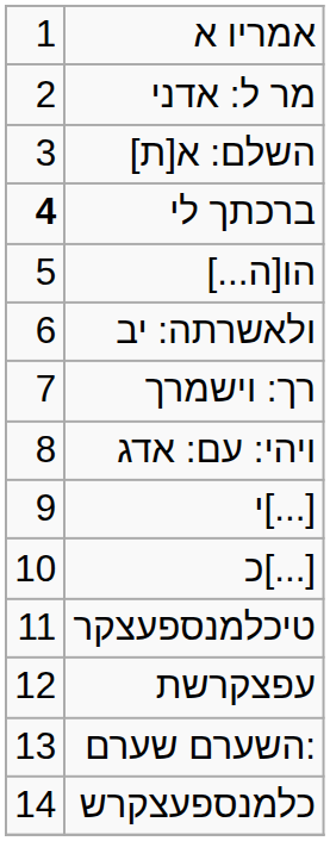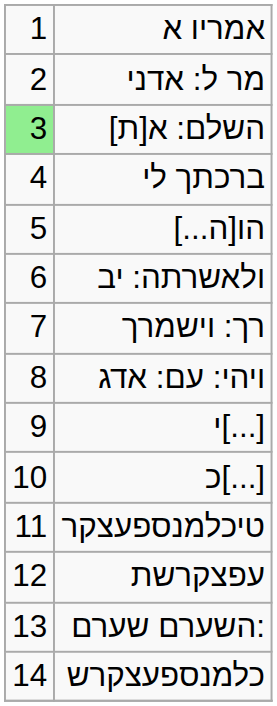 <table class="wikitable" style="text-align: right;">
 <tr>
 <td>1</td>
 <td>אמריו א</td>
 </tr>
 <tr>
 <td>2</td>
 <td>מר ל: אדני</td>
 </tr>
 <tr>
-<td>3</td>
+<td style="background: lightgreen;">3</td>
 <td>השלם: א[ת]</td>
 </tr>
 <tr>
-<td><strong>4</strong></td>
+<td>4</td>
 <td>ברכתך לי</td>
 </tr>
 <tr>
 <td>5</td>
 <td>הו[ה...]</td>
 </tr>
 <tr>
 <td>6</td>
 <td>ולאשרתה: יב</td>
 </tr>
 <tr>
 <td>7</td>
 <td>רך: וישמרך</td>
 </tr>
 <tr>
 <td>8</td>
 <td>ויהי: עם: אדג</td>
 </tr>
 <tr>
 <td>9</td>
 <td>י[...]</td>
 </tr>
 <tr>
 <td>10</td>
 <td>כ[...]</td>
 </tr>
 <tr>
 <td>11</td>
 <td>טיכלמנספעצקר</td>
 </tr>
 <tr>
 <td>12</td>
 <td>עפצקרשת</td>
 </tr>
 <tr>
 <td>13</td>
 <td>השערם שערם:</td>
 </tr>
 <tr>
 <td>14</td>
 <td>כלמנספעצקרש</td>
 </tr>
 <tr>
 </tr>
 </table>
